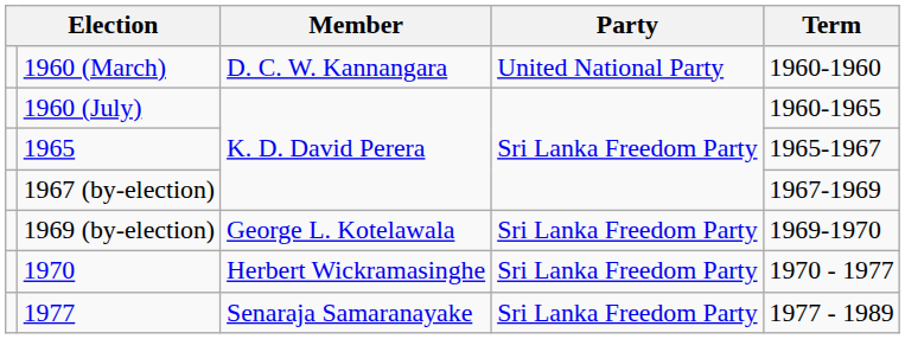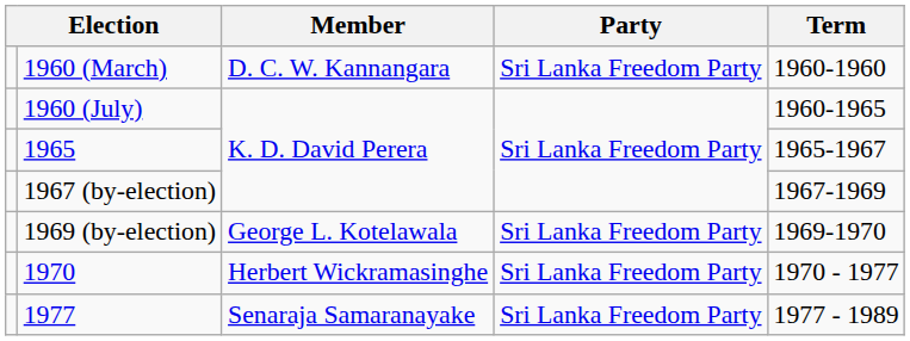 <table class="wikitable">
 <tr>
 <th colspan="2">Election</th>
 <th>Member</th>
 <th>Party</th>
 <th>Term</th>
 </tr>
 <tr>
 <td style="background-color: "></td>
 <td><a href='#'>1960 (March)</a></td>
 <td><a href='#'>D. C. W. Kannangara</a></td>
-<td><a href='#'>United National Party</a></td>
+<td><a href='#'>Sri Lanka Freedom Party</a></td>
 <td>1960-1960</td>
 </tr>
 <tr>
 <td style="background-color: "></td>
 <td><a href='#'>1960 (July)</a></td>
 <td rowspan=3><a href='#'>K. D. David Perera</a></td>
 <td rowspan=3><a href='#'>Sri Lanka Freedom Party</a></td>
 <td>1960-1965</td>
 </tr>
 <tr>
 <td style="background-color: "></td>
 <td><a href='#'>1965</a></td>
 <td>1965-1967</td>
 </tr>
 <tr>
 <td style="background-color: "></td>
 <td>1967 (by-election)</td>
 <td>1967-1969</td>
 </tr>
 <tr>
 <td style="background-color: "></td>
 <td>1969 (by-election)</td>
 <td><a href='#'>George L. Kotelawala</a></td>
 <td><a href='#'>Sri Lanka Freedom Party</a></td>
 <td>1969-1970</td>
 </tr>
 <tr>
 <td style="background-color: "></td>
 <td><a href='#'>1970</a></td>
 <td><a href='#'>Herbert Wickramasinghe</a></td>
 <td><a href='#'>Sri Lanka Freedom Party</a></td>
 <td>1970 - 1977</td>
 </tr>
 <tr>
 <td style="background-color: "></td>
 <td><a href='#'>1977</a></td>
 <td><a href='#'>Senaraja Samaranayake</a></td>
 <td><a href='#'>Sri Lanka Freedom Party</a></td>
 <td>1977 - 1989</td>
 </tr>
 </table>
